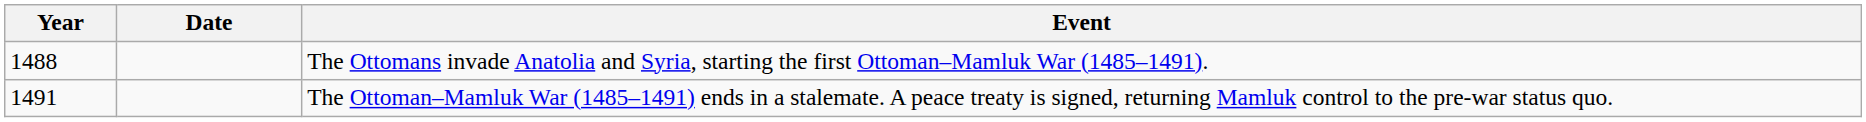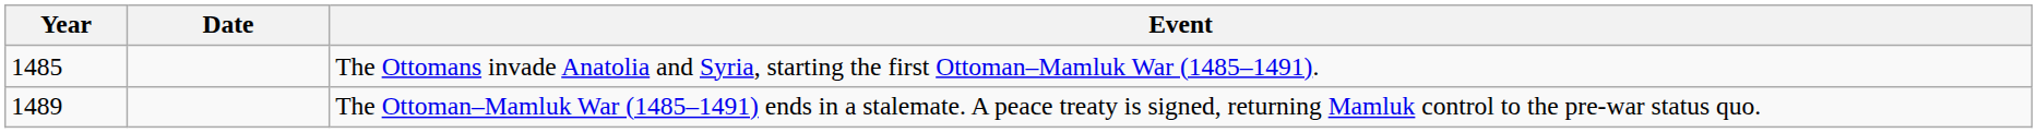 <table class="wikitable" width="100%">
 <tr>
 <th style="width:6%">Year</th>
 <th style="width:10%">Date</th>
 <th>Event</th>
 </tr>
 <tr>
-<td>1488</td>
+<td>1485</td>
 <td></td>
 <td>The <a href='#'>Ottomans</a> invade <a href='#'>Anatolia</a> and <a href='#'>Syria</a>, starting the first <a href='#'>Ottoman–Mamluk War (1485–1491)</a>.</td>
 </tr>
 <tr>
-<td>1491</td>
+<td>1489</td>
 <td></td>
 <td>The <a href='#'>Ottoman–Mamluk War (1485–1491)</a> ends in a stalemate. A peace treaty is signed, returning <a href='#'>Mamluk</a> control to the pre-war status quo.</td>
 </tr>
 </table>
